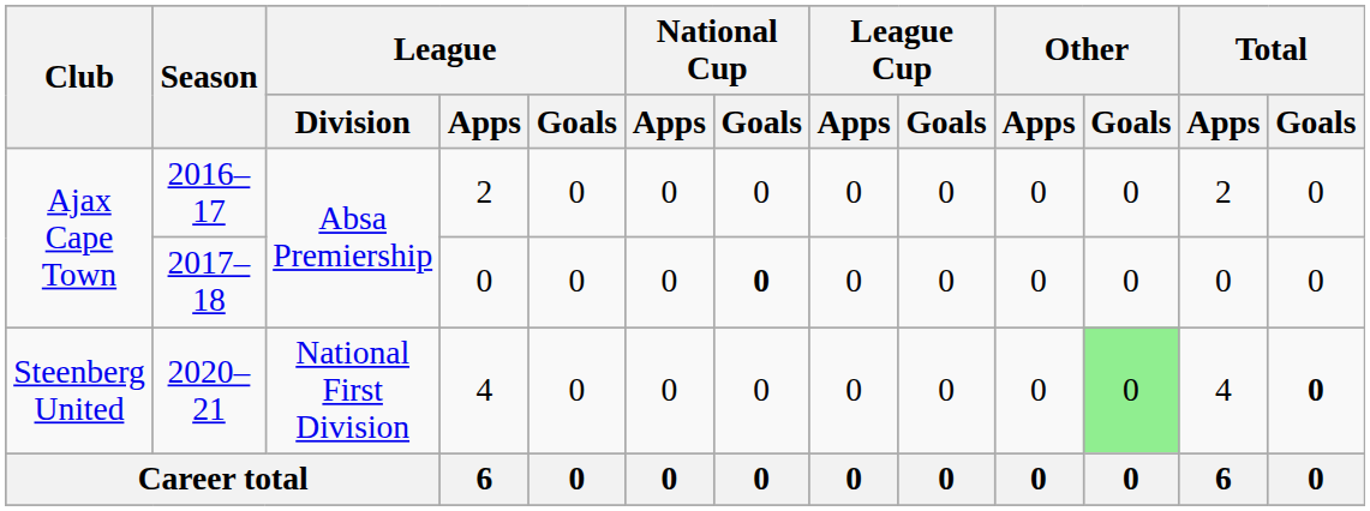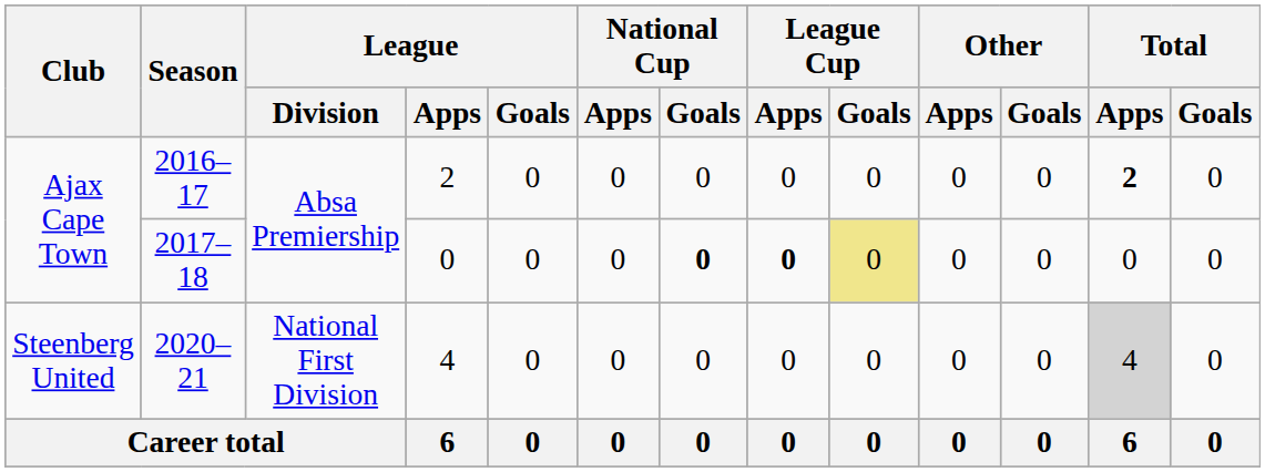 <table class="wikitable" style="text-align: center">
 <tr>
 <th rowspan="2">Club</th>
 <th rowspan="2">Season</th>
 <th colspan="3">League</th>
 <th colspan="2">National Cup</th>
 <th colspan="2">League Cup</th>
 <th colspan="2">Other</th>
 <th colspan="2">Total</th>
 </tr>
 <tr>
 <th>Division</th>
 <th>Apps</th>
 <th>Goals</th>
 <th>Apps</th>
 <th>Goals</th>
 <th>Apps</th>
 <th>Goals</th>
 <th>Apps</th>
 <th>Goals</th>
 <th>Apps</th>
 <th>Goals</th>
 </tr>
 <tr>
 <td rowspan="2"><a href='#'>Ajax Cape Town</a></td>
 <td><a href='#'>2016–17</a></td>
 <td rowspan="2"><a href='#'>Absa Premiership</a></td>
 <td>2</td>
 <td>0</td>
 <td>0</td>
 <td>0</td>
 <td>0</td>
 <td>0</td>
 <td>0</td>
 <td>0</td>
-<td>2</td>
+<td><strong>2</strong></td>
 <td>0</td>
 </tr>
 <tr>
 <td><a href='#'>2017–18</a></td>
 <td>0</td>
 <td>0</td>
 <td>0</td>
 <td><strong>0</strong></td>
-<td>0</td>
-<td>0</td>
+<td><strong>0</strong></td>
+<td style="background: khaki;">0</td>
 <td>0</td>
 <td>0</td>
 <td>0</td>
 <td>0</td>
 </tr>
 <tr>
 <td><a href='#'>Steenberg United</a></td>
 <td><a href='#'>2020–21</a></td>
 <td><a href='#'>National First Division</a></td>
 <td>4</td>
 <td>0</td>
 <td>0</td>
 <td>0</td>
 <td>0</td>
 <td>0</td>
 <td>0</td>
-<td style="background: lightgreen;">0</td>
-<td>4</td>
-<td><strong>0</strong></td>
+<td>0</td>
+<td style="background: lightgrey;">4</td>
+<td>0</td>
 </tr>
 <tr>
 <th colspan=3>Career total</th>
 <th>6</th>
 <th>0</th>
 <th>0</th>
 <th>0</th>
 <th>0</th>
 <th>0</th>
 <th>0</th>
 <th>0</th>
 <th>6</th>
 <th>0</th>
 </tr>
 </table>
